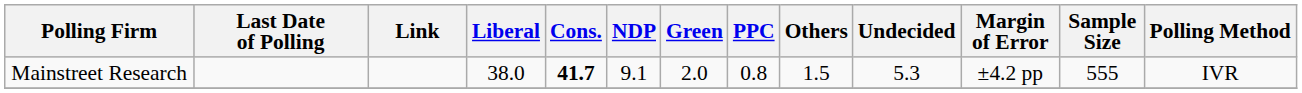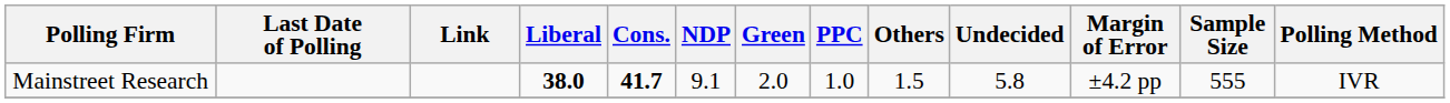 <table class="wikitable sortable" style="text-align:center;font-size:90%;line-height:14px;">
 <tr style="background:#e9e9e9;">
 <th style="width:120px">Polling Firm</th>
 <th style="width:110px">Last Date<br>of Polling</th>
 <th style="width:60px" class="unsortable">Link</th>
 <th style="background-color:"><a href='#'>Liberal</a></th>
 <th style="background-color:"><a href='#'>Cons.</a></th>
 <th style="background-color:"><a href='#'>NDP</a></th>
 <th style="background-color:"><a href='#'>Green</a></th>
 <th style="background-color:"><a href='#'><span>PPC</span></a></th>
 <th style="background-color:">Others</th>
 <th style="background-color:">Undecided</th>
 <th style="width:60px;" class=unsortable>Margin<br>of Error</th>
 <th style="width:50px;" class=unsortable>Sample<br>Size</th>
 <th class=unsortable>Polling Method</th>
 </tr>
 <tr>
 <td>Mainstreet Research</td>
 <td></td>
 <td></td>
-<td>38.0</td>
+<td><strong>38.0</strong></td>
 <td><strong>41.7</strong></td>
 <td>9.1</td>
 <td>2.0</td>
-<td>0.8</td>
+<td>1.0</td>
 <td>1.5</td>
-<td>5.3</td>
+<td>5.8</td>
 <td>±4.2 pp</td>
 <td>555</td>
 <td>IVR</td>
 </tr>
 <tr>
 </tr>
 </table>
